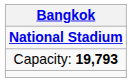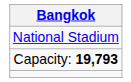 <table class="wikitable" style="text-align:center;margin:1em auto;">
 <tr>
 <th colspan="1"><a href='#'>Bangkok</a></th>
 </tr>
 <tr>
-<td><strong><a href='#'>National Stadium</a></strong></td>
+<td><a href='#'>National Stadium</a></td>
 </tr>
 <tr>
 <td>Capacity: <strong>	19,793</strong></td>
 </tr>
 <tr>
 <td></td>
 </tr>
 </table>
